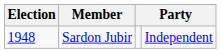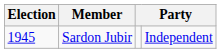 <table class="wikitable">
 <tr>
 <th>Election</th>
 <th>Member</th>
 <th colspan="2">Party</th>
 </tr>
 <tr>
-<td><a href='#'>1948</a></td>
+<td><a href='#'>1945</a></td>
 <td><a href='#'>Sardon Jubir</a></td>
 <td></td>
 <td><a href='#'>Independent</a></td>
 </tr>
 </table>
